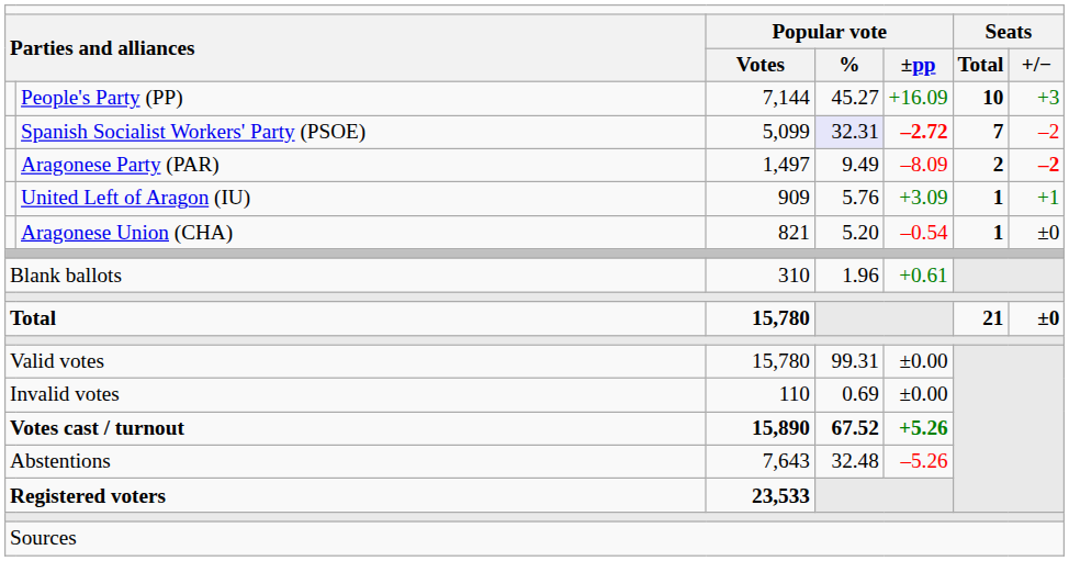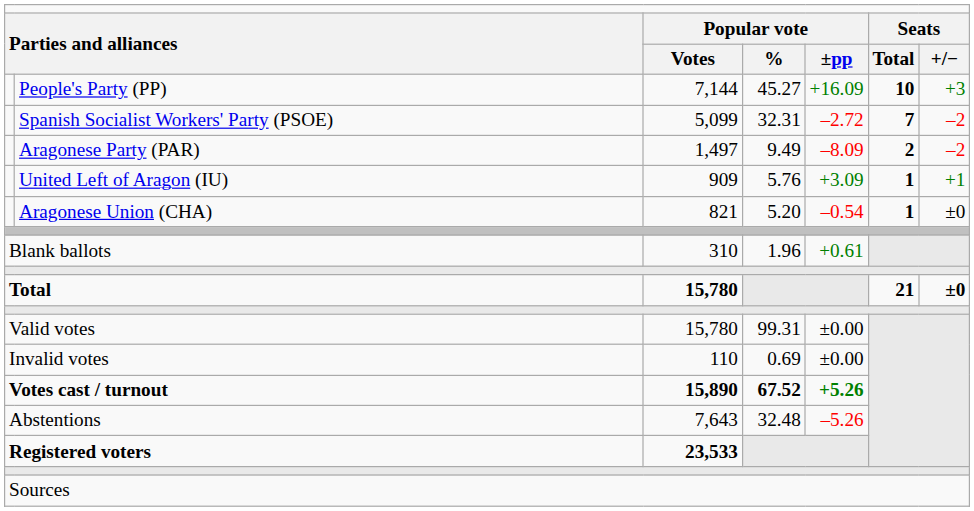 <table class="wikitable" style="text-align:right;">
 <tr>
 <td colspan="7"></td>
 </tr>
 <tr>
 <th style="text-align:left;" rowspan="2" colspan="2" width="525">Parties and alliances</th>
 <th colspan="3">Popular vote</th>
 <th colspan="2">Seats</th>
 </tr>
 <tr>
 <th width="75">Votes</th>
 <th width="45">%</th>
 <th width="45">±<a href='#'>pp</a></th>
 <th width="35">Total</th>
 <th width="35">+/−</th>
 </tr>
 <tr>
 <td width="1" style="color:inherit;background:"></td>
 <td align="left"><a href='#'>People's Party</a> (PP)</td>
 <td>7,144</td>
 <td>45.27</td>
 <td style="color:green;">+16.09</td>
 <td><strong>10</strong></td>
 <td style="color:green;">+3</td>
 </tr>
 <tr>
 <td style="color:inherit;background:"></td>
 <td align="left"><a href='#'>Spanish Socialist Workers' Party</a> (PSOE)</td>
 <td>5,099</td>
-<td style="background: lavender;">32.31</td>
-<td style="color:red;"><strong>–2.72</strong></td>
+<td>32.31</td>
+<td style="color:red;">–2.72</td>
 <td><strong>7</strong></td>
 <td style="color:red;">–2</td>
 </tr>
 <tr>
 <td style="color:inherit;background:"></td>
 <td align="left"><a href='#'>Aragonese Party</a> (PAR)</td>
 <td>1,497</td>
 <td>9.49</td>
 <td style="color:red;">–8.09</td>
 <td><strong>2</strong></td>
-<td style="color:red;"><strong>–2</strong></td>
+<td style="color:red;">–2</td>
 </tr>
 <tr>
 <td style="color:inherit;background:"></td>
 <td align="left"><a href='#'>United Left of Aragon</a> (IU)</td>
 <td>909</td>
 <td>5.76</td>
 <td style="color:green;">+3.09</td>
 <td><strong>1</strong></td>
 <td style="color:green;">+1</td>
 </tr>
 <tr>
 <td style="color:inherit;background:"></td>
 <td align="left"><a href='#'>Aragonese Union</a> (CHA)</td>
 <td>821</td>
 <td>5.20</td>
 <td style="color:red;">–0.54</td>
 <td><strong>1</strong></td>
 <td>±0</td>
 </tr>
 <tr>
 <td colspan="7" bgcolor="#C0C0C0"></td>
 </tr>
 <tr>
 <td align="left" colspan="2">Blank ballots</td>
 <td>310</td>
 <td>1.96</td>
 <td style="color:green;">+0.61</td>
 <td bgcolor="#E9E9E9" colspan="2"></td>
 </tr>
 <tr>
 <td colspan="7" bgcolor="#E9E9E9"></td>
 </tr>
 <tr style="font-weight:bold;">
 <td align="left" colspan="2">Total</td>
 <td>15,780</td>
 <td bgcolor="#E9E9E9" colspan="2"></td>
 <td>21</td>
 <td>±0</td>
 </tr>
 <tr>
 <td colspan="7" bgcolor="#E9E9E9"></td>
 </tr>
 <tr>
 <td align="left" colspan="2">Valid votes</td>
 <td>15,780</td>
 <td>99.31</td>
 <td>±0.00</td>
 <td bgcolor="#E9E9E9" colspan="2" rowspan="5"></td>
 </tr>
 <tr>
 <td align="left" colspan="2">Invalid votes</td>
 <td>110</td>
 <td>0.69</td>
 <td>±0.00</td>
 </tr>
 <tr style="font-weight:bold;">
 <td align="left" colspan="2">Votes cast / turnout</td>
 <td>15,890</td>
 <td>67.52</td>
 <td style="color:green;">+5.26</td>
 </tr>
 <tr>
 <td align="left" colspan="2">Abstentions</td>
 <td>7,643</td>
 <td>32.48</td>
 <td style="color:red;">–5.26</td>
 </tr>
 <tr style="font-weight:bold;">
 <td align="left" colspan="2">Registered voters</td>
 <td>23,533</td>
 <td bgcolor="#E9E9E9" colspan="2"></td>
 </tr>
 <tr>
 <td colspan="7" bgcolor="#E9E9E9"></td>
 </tr>
 <tr>
 <td align="left" colspan="7">Sources</td>
 </tr>
 </table>
